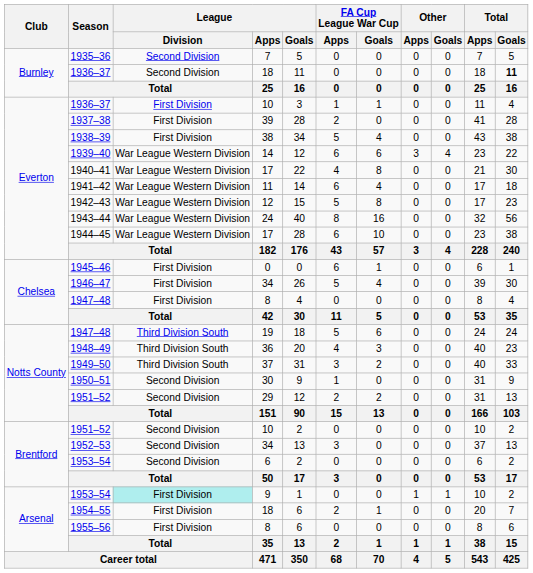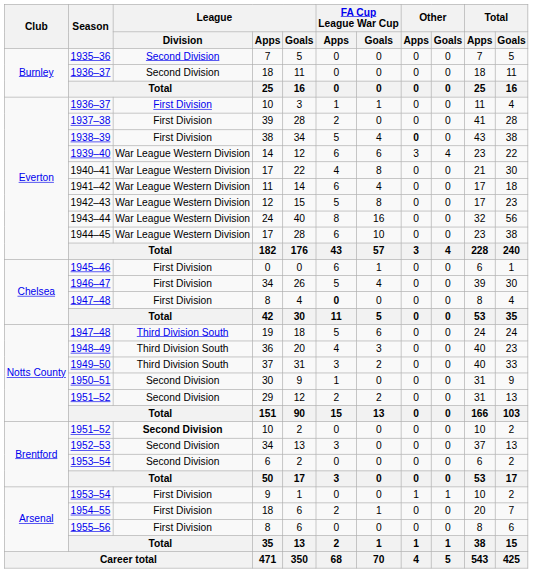 <table class="wikitable" style="text-align:center">
 <tr>
 <th rowspan="2">Club</th>
 <th rowspan="2">Season</th>
 <th colspan="3">League</th>
 <th colspan="2"><a href='#'>FA Cup</a><br>League War Cup</th>
 <th colspan="2">Other</th>
 <th colspan="2">Total</th>
 </tr>
 <tr>
 <th>Division</th>
 <th>Apps</th>
 <th>Goals</th>
 <th>Apps</th>
 <th>Goals</th>
 <th>Apps</th>
 <th>Goals</th>
 <th>Apps</th>
 <th>Goals</th>
 </tr>
 <tr>
 <td rowspan="3"><a href='#'>Burnley</a></td>
 <td><a href='#'>1935–36</a></td>
 <td><a href='#'>Second Division</a></td>
 <td>7</td>
 <td>5</td>
 <td>0</td>
 <td>0</td>
 <td>0</td>
 <td>0</td>
 <td>7</td>
 <td>5</td>
 </tr>
 <tr>
 <td><a href='#'>1936–37</a></td>
 <td>Second Division</td>
 <td>18</td>
 <td>11</td>
 <td>0</td>
 <td>0</td>
 <td>0</td>
 <td>0</td>
 <td>18</td>
-<td><strong>11</strong></td>
+<td>11</td>
 </tr>
 <tr>
 <th colspan="2">Total</th>
 <th>25</th>
 <th>16</th>
 <th>0</th>
 <th>0</th>
 <th>0</th>
 <th>0</th>
 <th>25</th>
 <th>16</th>
 </tr>
 <tr>
 <td rowspan="10"><a href='#'>Everton</a></td>
 <td><a href='#'>1936–37</a></td>
 <td><a href='#'>First Division</a></td>
 <td>10</td>
 <td>3</td>
 <td>1</td>
 <td>1</td>
 <td>0</td>
 <td>0</td>
 <td>11</td>
 <td>4</td>
 </tr>
 <tr>
 <td><a href='#'>1937–38</a></td>
 <td>First Division</td>
 <td>39</td>
 <td>28</td>
 <td>2</td>
 <td>0</td>
 <td>0</td>
 <td>0</td>
 <td>41</td>
 <td>28</td>
 </tr>
 <tr>
 <td><a href='#'>1938–39</a></td>
 <td>First Division</td>
 <td>38</td>
 <td>34</td>
 <td>5</td>
 <td>4</td>
-<td>0</td>
+<td><strong>0</strong></td>
 <td>0</td>
 <td>43</td>
 <td>38</td>
 </tr>
 <tr>
 <td><a href='#'>1939–40</a></td>
 <td>War League Western Division</td>
 <td>14</td>
 <td>12</td>
 <td>6</td>
 <td>6</td>
 <td>3</td>
 <td>4</td>
 <td>23</td>
 <td>22</td>
 </tr>
 <tr>
 <td>1940–41</td>
 <td>War League Western Division</td>
 <td>17</td>
 <td>22</td>
 <td>4</td>
 <td>8</td>
 <td>0</td>
 <td>0</td>
 <td>21</td>
 <td>30</td>
 </tr>
 <tr>
 <td>1941–42</td>
 <td>War League Western Division</td>
 <td>11</td>
 <td>14</td>
 <td>6</td>
 <td>4</td>
 <td>0</td>
 <td>0</td>
 <td>17</td>
 <td>18</td>
 </tr>
 <tr>
 <td>1942–43</td>
 <td>War League Western Division</td>
 <td>12</td>
 <td>15</td>
 <td>5</td>
 <td>8</td>
 <td>0</td>
 <td>0</td>
 <td>17</td>
 <td>23</td>
 </tr>
 <tr>
 <td>1943–44</td>
 <td>War League Western Division</td>
 <td>24</td>
 <td>40</td>
 <td>8</td>
 <td>16</td>
 <td>0</td>
 <td>0</td>
 <td>32</td>
 <td>56</td>
 </tr>
 <tr>
 <td>1944–45</td>
 <td>War League Western Division</td>
 <td>17</td>
 <td>28</td>
 <td>6</td>
 <td>10</td>
 <td>0</td>
 <td>0</td>
 <td>23</td>
 <td>38</td>
 </tr>
 <tr>
 <th colspan="2">Total</th>
 <th>182</th>
 <th>176</th>
 <th>43</th>
 <th>57</th>
 <th>3</th>
 <th>4</th>
 <th>228</th>
 <th>240</th>
 </tr>
 <tr>
 <td rowspan="4"><a href='#'>Chelsea</a></td>
 <td><a href='#'>1945–46</a></td>
 <td>First Division</td>
 <td>0</td>
 <td>0</td>
 <td>6</td>
 <td>1</td>
 <td>0</td>
 <td>0</td>
 <td>6</td>
 <td>1</td>
 </tr>
 <tr>
 <td><a href='#'>1946–47</a></td>
 <td>First Division</td>
 <td>34</td>
 <td>26</td>
 <td>5</td>
 <td>4</td>
 <td>0</td>
 <td>0</td>
 <td>39</td>
 <td>30</td>
 </tr>
 <tr>
 <td><a href='#'>1947–48</a></td>
 <td>First Division</td>
 <td>8</td>
 <td>4</td>
-<td>0</td>
+<td><strong>0</strong></td>
 <td>0</td>
 <td>0</td>
 <td>0</td>
 <td>8</td>
 <td>4</td>
 </tr>
 <tr>
 <th colspan="2">Total</th>
 <th>42</th>
 <th>30</th>
 <th>11</th>
 <th>5</th>
 <th>0</th>
 <th>0</th>
 <th>53</th>
 <th>35</th>
 </tr>
 <tr>
 <td rowspan="6"><a href='#'>Notts County</a></td>
 <td><a href='#'>1947–48</a></td>
 <td><a href='#'>Third Division South</a></td>
 <td>19</td>
 <td>18</td>
 <td>5</td>
 <td>6</td>
 <td>0</td>
 <td>0</td>
 <td>24</td>
 <td>24</td>
 </tr>
 <tr>
 <td><a href='#'>1948–49</a></td>
 <td>Third Division South</td>
 <td>36</td>
 <td>20</td>
 <td>4</td>
 <td>3</td>
 <td>0</td>
 <td>0</td>
 <td>40</td>
 <td>23</td>
 </tr>
 <tr>
 <td><a href='#'>1949–50</a></td>
 <td>Third Division South</td>
 <td>37</td>
 <td>31</td>
 <td>3</td>
 <td>2</td>
 <td>0</td>
 <td>0</td>
 <td>40</td>
 <td>33</td>
 </tr>
 <tr>
 <td><a href='#'>1950–51</a></td>
 <td>Second Division</td>
 <td>30</td>
 <td>9</td>
 <td>1</td>
 <td>0</td>
 <td>0</td>
 <td>0</td>
 <td>31</td>
 <td>9</td>
 </tr>
 <tr>
 <td><a href='#'>1951–52</a></td>
 <td>Second Division</td>
 <td>29</td>
 <td>12</td>
 <td>2</td>
 <td>2</td>
 <td>0</td>
 <td>0</td>
 <td>31</td>
 <td>13</td>
 </tr>
 <tr>
 <th colspan="2">Total</th>
 <th>151</th>
 <th>90</th>
 <th>15</th>
 <th>13</th>
 <th>0</th>
 <th>0</th>
 <th>166</th>
 <th>103</th>
 </tr>
 <tr>
 <td rowspan="4"><a href='#'>Brentford</a></td>
 <td><a href='#'>1951–52</a></td>
-<td>Second Division</td>
+<td><strong>Second Division</strong></td>
 <td>10</td>
 <td>2</td>
 <td>0</td>
 <td>0</td>
 <td>0</td>
 <td>0</td>
 <td>10</td>
 <td>2</td>
 </tr>
 <tr>
 <td><a href='#'>1952–53</a></td>
 <td>Second Division</td>
 <td>34</td>
 <td>13</td>
 <td>3</td>
 <td>0</td>
 <td>0</td>
 <td>0</td>
 <td>37</td>
 <td>13</td>
 </tr>
 <tr>
 <td><a href='#'>1953–54</a></td>
 <td>Second Division</td>
 <td>6</td>
 <td>2</td>
 <td>0</td>
 <td>0</td>
 <td>0</td>
 <td>0</td>
 <td>6</td>
 <td>2</td>
 </tr>
 <tr>
 <th colspan="2">Total</th>
 <th>50</th>
 <th>17</th>
 <th>3</th>
 <th>0</th>
 <th>0</th>
 <th>0</th>
 <th>53</th>
 <th>17</th>
 </tr>
 <tr>
 <td rowspan="4"><a href='#'>Arsenal</a></td>
 <td><a href='#'>1953–54</a></td>
-<td style="background: paleturquoise;">First Division</td>
+<td>First Division</td>
 <td>9</td>
 <td>1</td>
 <td>0</td>
 <td>0</td>
 <td>1</td>
 <td>1</td>
 <td>10</td>
 <td>2</td>
 </tr>
 <tr>
 <td><a href='#'>1954–55</a></td>
 <td>First Division</td>
 <td>18</td>
 <td>6</td>
 <td>2</td>
 <td>1</td>
 <td>0</td>
 <td>0</td>
 <td>20</td>
 <td>7</td>
 </tr>
 <tr>
 <td><a href='#'>1955–56</a></td>
 <td>First Division</td>
 <td>8</td>
 <td>6</td>
 <td>0</td>
 <td>0</td>
 <td>0</td>
 <td>0</td>
 <td>8</td>
 <td>6</td>
 </tr>
 <tr>
 <th colspan="2">Total</th>
 <th>35</th>
 <th>13</th>
 <th>2</th>
 <th>1</th>
 <th>1</th>
 <th>1</th>
 <th>38</th>
 <th>15</th>
 </tr>
 <tr>
 <th colspan="3">Career total</th>
 <th>471</th>
 <th>350</th>
 <th>68</th>
 <th>70</th>
 <th>4</th>
 <th>5</th>
 <th>543</th>
 <th>425</th>
 </tr>
 </table>
